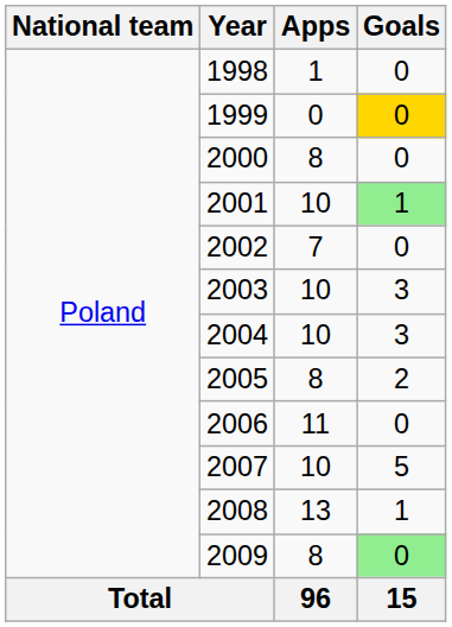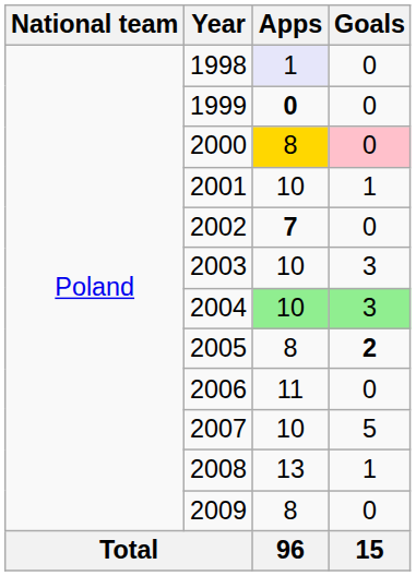 <table class="wikitable" style="text-align:center">
 <tr>
 <th>National team</th>
 <th>Year</th>
 <th>Apps</th>
 <th>Goals</th>
 </tr>
 <tr>
 <td rowspan="12"><a href='#'>Poland</a></td>
 <td>1998</td>
-<td>1</td>
+<td style="background: lavender;">1</td>
 <td>0</td>
 </tr>
 <tr>
 <td>1999</td>
+<td><strong>0</strong></td>
 <td>0</td>
-<td style="background: gold;">0</td>
 </tr>
 <tr>
 <td>2000</td>
-<td>8</td>
-<td>0</td>
+<td style="background: gold;">8</td>
+<td style="background: pink;">0</td>
 </tr>
 <tr>
 <td>2001</td>
 <td>10</td>
-<td style="background: lightgreen;">1</td>
+<td>1</td>
 </tr>
 <tr>
 <td>2002</td>
-<td>7</td>
+<td><strong>7</strong></td>
 <td>0</td>
 </tr>
 <tr>
 <td>2003</td>
 <td>10</td>
 <td>3</td>
 </tr>
 <tr>
 <td>2004</td>
-<td>10</td>
-<td>3</td>
+<td style="background: lightgreen;">10</td>
+<td style="background: lightgreen;">3</td>
 </tr>
 <tr>
 <td>2005</td>
 <td>8</td>
-<td>2</td>
+<td><strong>2</strong></td>
 </tr>
 <tr>
 <td>2006</td>
 <td>11</td>
 <td>0</td>
 </tr>
 <tr>
 <td>2007</td>
 <td>10</td>
 <td>5</td>
 </tr>
 <tr>
 <td>2008</td>
 <td>13</td>
 <td>1</td>
 </tr>
 <tr>
 <td>2009</td>
 <td>8</td>
-<td style="background: lightgreen;">0</td>
+<td>0</td>
 </tr>
 <tr>
 <th colspan="2">Total</th>
 <th>96</th>
 <th>15</th>
 </tr>
 </table>
